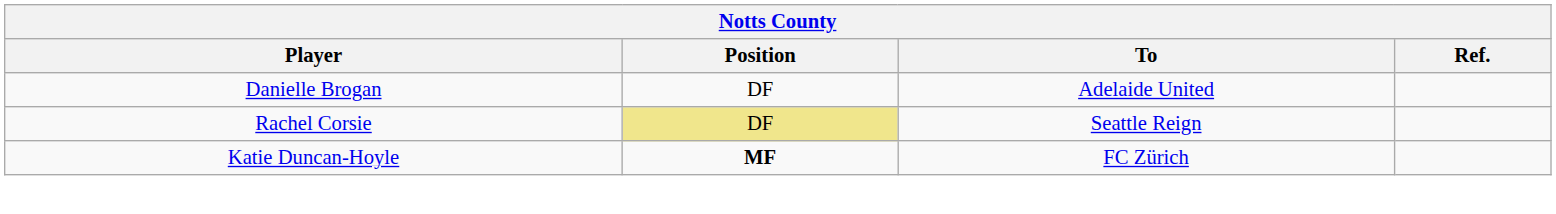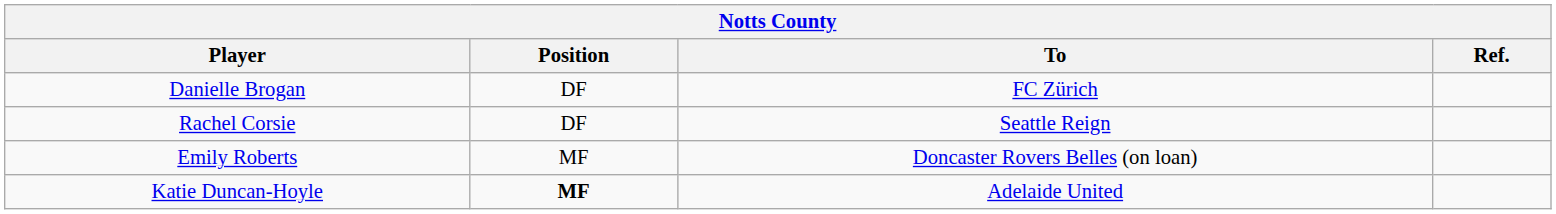 <table class="wikitable sortable collapsible collapsed" style="font-size:95%; text-align: center; width: 90%;">
 <tr>
 <th colspan="4"  style="with:100%; text-align:center;"><strong><a href='#'>Notts County</a></strong></th>
 </tr>
 <tr>
 <th>Player</th>
 <th>Position</th>
 <th>To</th>
 <th>Ref.</th>
 </tr>
 <tr>
 <td> <a href='#'>Danielle Brogan</a></td>
 <td>DF</td>
-<td><a href='#'>Adelaide United</a></td>
+<td><a href='#'>FC Zürich</a></td>
 <td></td>
 </tr>
 <tr>
 <td> <a href='#'>Rachel Corsie</a></td>
-<td style="background: khaki;">DF</td>
+<td>DF</td>
 <td><a href='#'>Seattle Reign</a></td>
+<td></td>
+</tr>
+<tr>
+<td> <a href='#'>Emily Roberts</a></td>
+<td>MF</td>
+<td><a href='#'>Doncaster Rovers Belles</a> (on loan)</td>
 <td></td>
 </tr>
 <tr>
 <td> <a href='#'>Katie Duncan-Hoyle</a></td>
 <td><strong>MF</strong></td>
-<td><a href='#'>FC Zürich</a></td>
+<td><a href='#'>Adelaide United</a></td>
 <td></td>
 </tr>
 </table>
